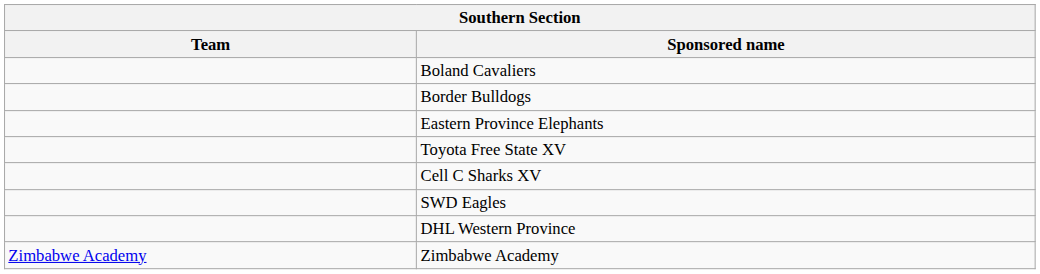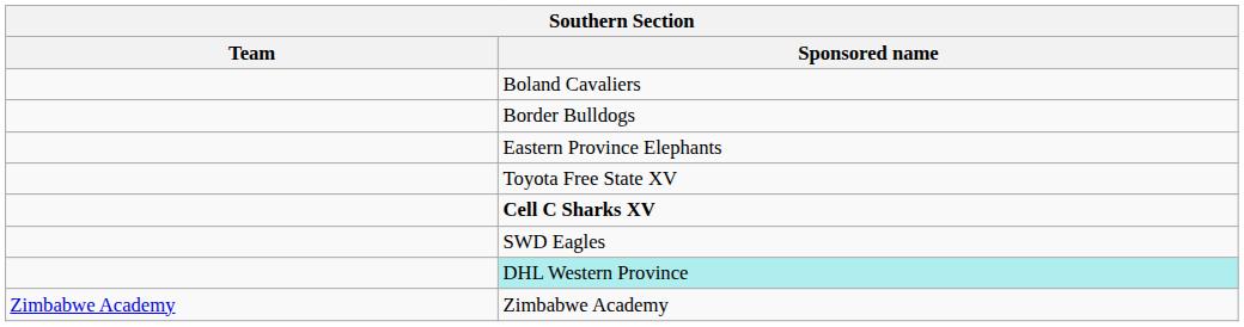 <table class="wikitable sortable" style="text-align:left; width:50%;">
 <tr>
 <th colspan="100%" align=center>Southern Section</th>
 </tr>
 <tr>
 <th width="40%">Team</th>
 <th width="60%">Sponsored name</th>
 </tr>
 <tr>
 <td></td>
 <td>Boland Cavaliers</td>
 </tr>
 <tr>
 <td></td>
 <td>Border Bulldogs</td>
 </tr>
 <tr>
 <td></td>
 <td>Eastern Province Elephants</td>
 </tr>
 <tr>
 <td></td>
 <td>Toyota Free State XV</td>
 </tr>
 <tr>
 <td></td>
-<td>Cell C Sharks XV</td>
+<td><strong>Cell C Sharks XV</strong></td>
 </tr>
 <tr>
 <td></td>
 <td>SWD Eagles</td>
 </tr>
 <tr>
 <td></td>
-<td>DHL Western Province</td>
+<td style="background: paleturquoise;">DHL Western Province</td>
 </tr>
 <tr>
 <td><a href='#'>Zimbabwe Academy</a></td>
 <td>Zimbabwe Academy</td>
 </tr>
 </table>
